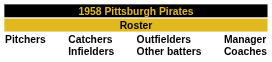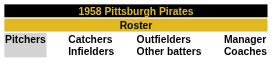 <table class="toccolours" style="font-size: 95%;">
 <tr>
 <th colspan="10" style="background-color: black; color: #e1b81e; text-align: center;">1958 Pittsburgh Pirates</th>
 </tr>
 <tr>
 <td colspan="10" style="background-color: #e1b81e; color: black; text-align: center;"><strong>Roster</strong></td>
 </tr>
 <tr>
-<td valign="top"><strong>Pitchers</strong><br>             </td>
+<td valign="top" style="background: lightgrey;"><strong>Pitchers</strong><br>             </td>
 <td width="25px"></td>
 <td valign="top"><strong>Catchers</strong><br>    <strong>Infielders</strong>          </td>
 <td width="25px"></td>
 <td valign="top"><strong>Outfielders</strong><br>     <strong>Other batters</strong>   </td>
 <td width="25px"></td>
 <td valign="top"><strong>Manager</strong><br> <strong>Coaches</strong>    </td>
 </tr>
 </table>
